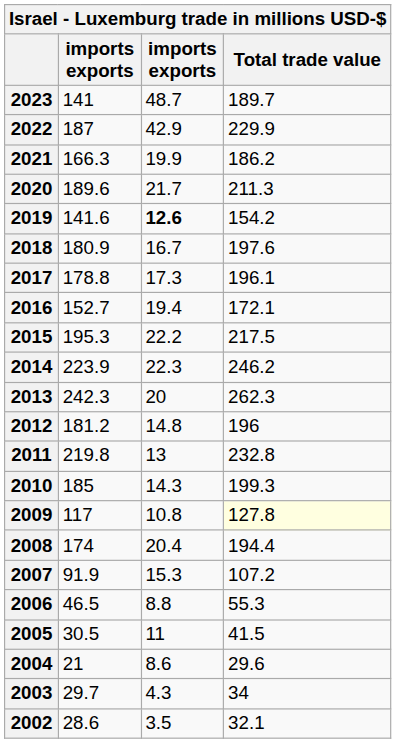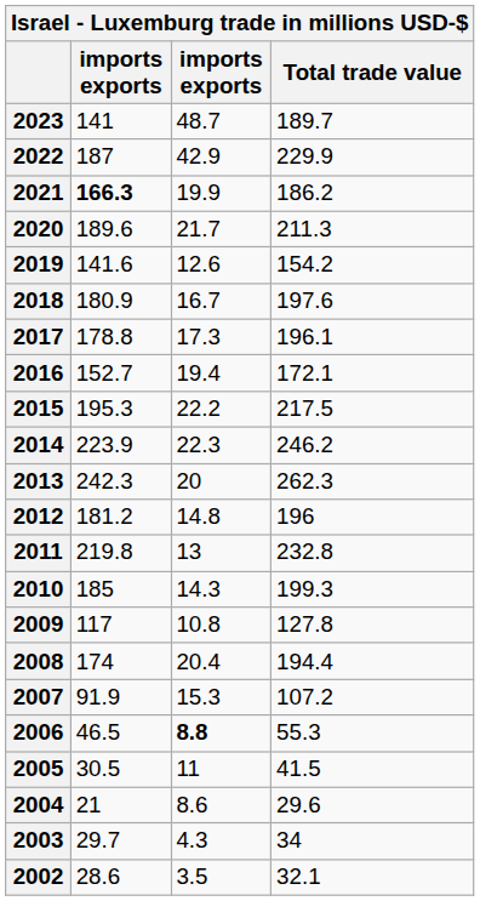 <table class="wikitable mw-collapsible mw-collapsed">
 <tr>
 <th colspan="4">Israel - Luxemburg trade in millions USD-$</th>
 </tr>
 <tr>
 <th></th>
 <th> imports<br> exports</th>
 <th> imports<br> exports</th>
 <th>Total trade value</th>
 </tr>
 <tr>
 <th>2023</th>
 <td>141</td>
 <td>48.7</td>
 <td>189.7</td>
 </tr>
 <tr>
 <th>2022</th>
 <td>187</td>
 <td>42.9</td>
 <td>229.9</td>
 </tr>
 <tr>
 <th>2021</th>
-<td>166.3</td>
+<td><strong>166.3</strong></td>
 <td>19.9</td>
 <td>186.2</td>
 </tr>
 <tr>
 <th>2020</th>
 <td>189.6</td>
 <td>21.7</td>
 <td>211.3</td>
 </tr>
 <tr>
 <th>2019</th>
 <td>141.6</td>
-<td><strong>12.6</strong></td>
+<td>12.6</td>
 <td>154.2</td>
 </tr>
 <tr>
 <th>2018</th>
 <td>180.9</td>
 <td>16.7</td>
 <td>197.6</td>
 </tr>
 <tr>
 <th>2017</th>
 <td>178.8</td>
 <td>17.3</td>
 <td>196.1</td>
 </tr>
 <tr>
 <th>2016</th>
 <td>152.7</td>
 <td>19.4</td>
 <td>172.1</td>
 </tr>
 <tr>
 <th>2015</th>
 <td>195.3</td>
 <td>22.2</td>
 <td>217.5</td>
 </tr>
 <tr>
 <th>2014</th>
 <td>223.9</td>
 <td>22.3</td>
 <td>246.2</td>
 </tr>
 <tr>
 <th>2013</th>
 <td>242.3</td>
 <td>20</td>
 <td>262.3</td>
 </tr>
 <tr>
 <th>2012</th>
 <td>181.2</td>
 <td>14.8</td>
 <td>196</td>
 </tr>
 <tr>
 <th>2011</th>
 <td>219.8</td>
 <td>13</td>
 <td>232.8</td>
 </tr>
 <tr>
 <th>2010</th>
 <td>185</td>
 <td>14.3</td>
 <td>199.3</td>
 </tr>
 <tr>
 <th>2009</th>
 <td>117</td>
 <td>10.8</td>
-<td style="background: lightyellow;">127.8</td>
+<td>127.8</td>
 </tr>
 <tr>
 <th>2008</th>
 <td>174</td>
 <td>20.4</td>
 <td>194.4</td>
 </tr>
 <tr>
 <th>2007</th>
 <td>91.9</td>
 <td>15.3</td>
 <td>107.2</td>
 </tr>
 <tr>
 <th>2006</th>
 <td>46.5</td>
-<td>8.8</td>
+<td><strong>8.8</strong></td>
 <td>55.3</td>
 </tr>
 <tr>
 <th>2005</th>
 <td>30.5</td>
 <td>11</td>
 <td>41.5</td>
 </tr>
 <tr>
 <th>2004</th>
 <td>21</td>
 <td>8.6</td>
 <td>29.6</td>
 </tr>
 <tr>
 <th>2003</th>
 <td>29.7</td>
 <td>4.3</td>
 <td>34</td>
 </tr>
 <tr>
 <th>2002</th>
 <td>28.6</td>
 <td>3.5</td>
 <td>32.1</td>
 </tr>
 </table>
